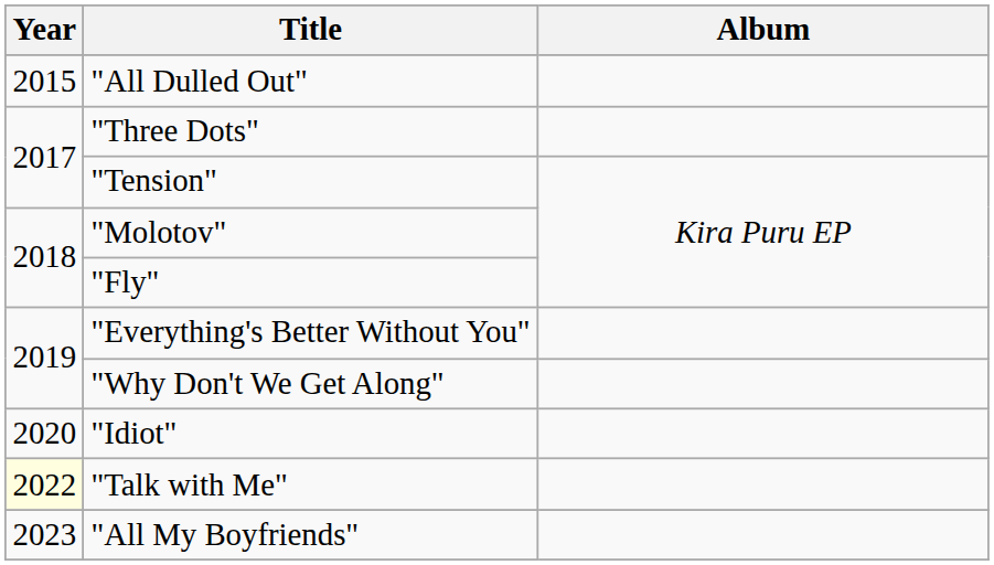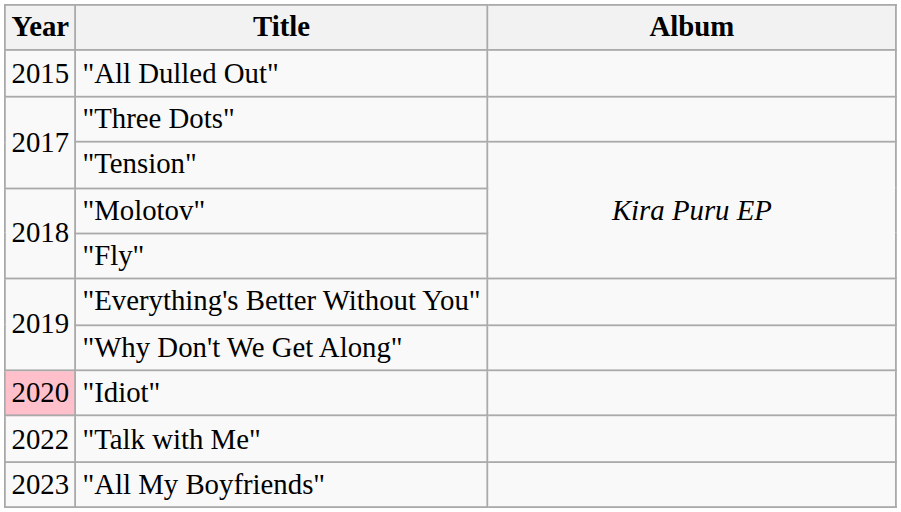 <table class="wikitable" style="text-align:center;">
 <tr>
 <th scope="col">Year</th>
 <th scope="col">Title</th>
 <th scope="col" width="220">Album</th>
 </tr>
 <tr>
 <td>2015</td>
 <td align="left">"All Dulled Out"</td>
 <td></td>
 </tr>
 <tr>
 <td rowspan="2">2017</td>
 <td align="left">"Three Dots" <br></td>
 <td></td>
 </tr>
 <tr>
 <td align="left">"Tension"</td>
 <td rowspan="3"><em>Kira Puru EP</em></td>
 </tr>
 <tr>
 <td rowspan="2">2018</td>
 <td align="left">"Molotov"</td>
 </tr>
 <tr>
 <td align="left">"Fly"</td>
 </tr>
 <tr>
 <td rowspan="2">2019</td>
 <td align="left">"Everything's Better Without You"</td>
 <td></td>
 </tr>
 <tr>
 <td align="left">"Why Don't We Get Along"</td>
 <td></td>
 </tr>
 <tr>
-<td>2020</td>
+<td style="background: pink;">2020</td>
 <td align="left">"Idiot"</td>
 <td></td>
 </tr>
 <tr>
-<td style="background: lightyellow;">2022</td>
+<td>2022</td>
 <td align="left">"Talk with Me"</td>
 <td></td>
 </tr>
 <tr>
 <td>2023</td>
 <td align="left">"All My Boyfriends"</td>
 <td></td>
 </tr>
 </table>
